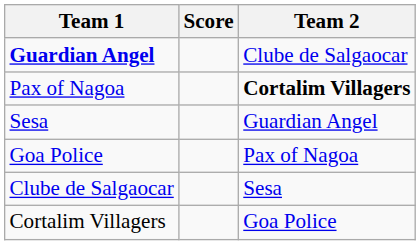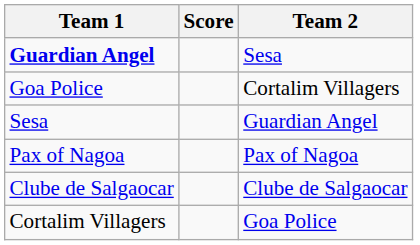 <table class="wikitable">
 <tr>
 <th>Team 1</th>
 <th>Score</th>
 <th>Team 2</th>
 </tr>
 <tr>
 <td><strong><a href='#'>Guardian Angel</a></strong></td>
 <td></td>
-<td><a href='#'>Clube de Salgaocar</a></td>
+<td><a href='#'>Sesa</a></td>
 </tr>
 <tr>
-<td><a href='#'>Pax of Nagoa</a></td>
+<td><a href='#'>Goa Police</a></td>
 <td></td>
-<td><strong>Cortalim Villagers</strong></td>
+<td>Cortalim Villagers</td>
 </tr>
 <tr>
 <td><a href='#'>Sesa</a></td>
 <td></td>
 <td><a href='#'>Guardian Angel</a></td>
 </tr>
 <tr>
-<td><a href='#'>Goa Police</a></td>
+<td><a href='#'>Pax of Nagoa</a></td>
 <td></td>
 <td><a href='#'>Pax of Nagoa</a></td>
 </tr>
 <tr>
 <td><a href='#'>Clube de Salgaocar</a></td>
 <td></td>
-<td><a href='#'>Sesa</a></td>
+<td><a href='#'>Clube de Salgaocar</a></td>
 </tr>
 <tr>
 <td>Cortalim Villagers</td>
 <td></td>
 <td><a href='#'>Goa Police</a></td>
 </tr>
 </table>
